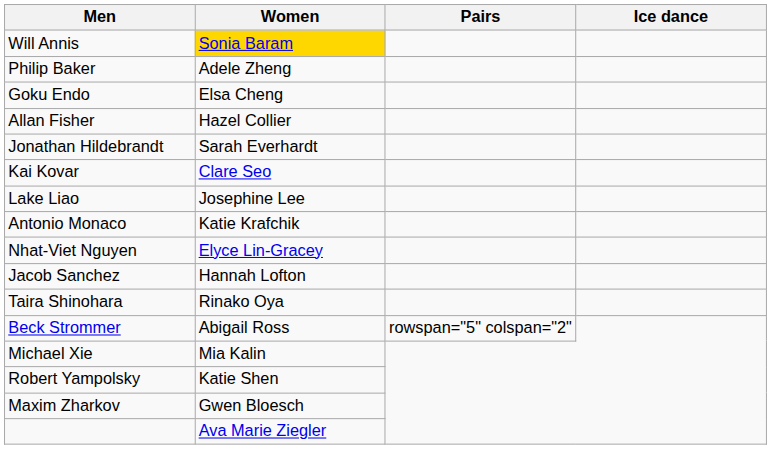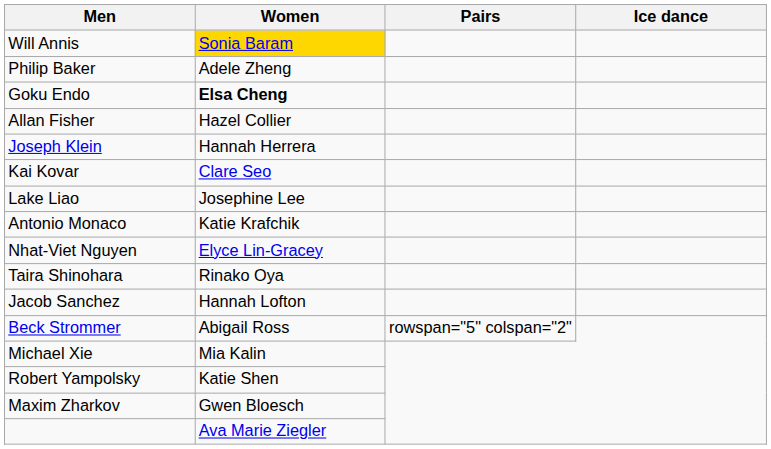 <table class="wikitable unsortable" style="text-align:left;">
 <tr>
 <th scope="col" style="width:25%">Men</th>
 <th scope="col" style="width:25%">Women</th>
 <th scope="col" style="width:25%">Pairs</th>
 <th scope="col" style="width:25%">Ice dance</th>
 </tr>
 <tr>
 <td>Will Annis</td>
 <td style="background: gold;"><a href='#'>Sonia Baram</a></td>
 <td></td>
 <td></td>
 </tr>
 <tr>
 <td>Philip Baker</td>
 <td>Adele Zheng</td>
 <td></td>
 <td></td>
 </tr>
 <tr>
 <td>Goku Endo</td>
-<td>Elsa Cheng</td>
+<td><strong>Elsa Cheng</strong></td>
 <td></td>
 <td></td>
 </tr>
 <tr>
 <td>Allan Fisher</td>
 <td>Hazel Collier</td>
 <td></td>
 <td></td>
 </tr>
 <tr>
-<td>Jonathan Hildebrandt</td>
-<td>Sarah Everhardt</td>
+<td><a href='#'>Joseph Klein</a></td>
+<td>Hannah Herrera</td>
 <td></td>
 <td></td>
 </tr>
 <tr>
 <td>Kai Kovar</td>
 <td><a href='#'>Clare Seo</a></td>
 <td></td>
 <td></td>
 </tr>
 <tr>
 <td>Lake Liao</td>
 <td>Josephine Lee</td>
 <td></td>
 <td></td>
 </tr>
 <tr>
 <td>Antonio Monaco</td>
 <td>Katie Krafchik</td>
 <td></td>
 <td></td>
 </tr>
 <tr>
 <td>Nhat-Viet Nguyen</td>
 <td><a href='#'>Elyce Lin-Gracey</a></td>
 <td></td>
 <td></td>
 </tr>
 <tr>
-<td>Jacob Sanchez</td>
-<td>Hannah Lofton</td>
+<td>Taira Shinohara</td>
+<td>Rinako Oya</td>
 <td></td>
 <td></td>
 </tr>
 <tr>
-<td>Taira Shinohara</td>
-<td>Rinako Oya</td>
+<td>Jacob Sanchez</td>
+<td>Hannah Lofton</td>
 <td></td>
 <td></td>
 </tr>
 <tr>
 <td><a href='#'>Beck Strommer</a></td>
 <td>Abigail Ross</td>
 <td>rowspan="5" colspan="2" </td>
 </tr>
 <tr>
 <td>Michael Xie</td>
 <td>Mia Kalin</td>
 </tr>
 <tr>
 <td>Robert Yampolsky</td>
 <td>Katie Shen</td>
 </tr>
 <tr>
 <td>Maxim Zharkov</td>
 <td>Gwen Bloesch</td>
 </tr>
 <tr>
 <td></td>
 <td><a href='#'>Ava Marie Ziegler</a></td>
 </tr>
 </table>
